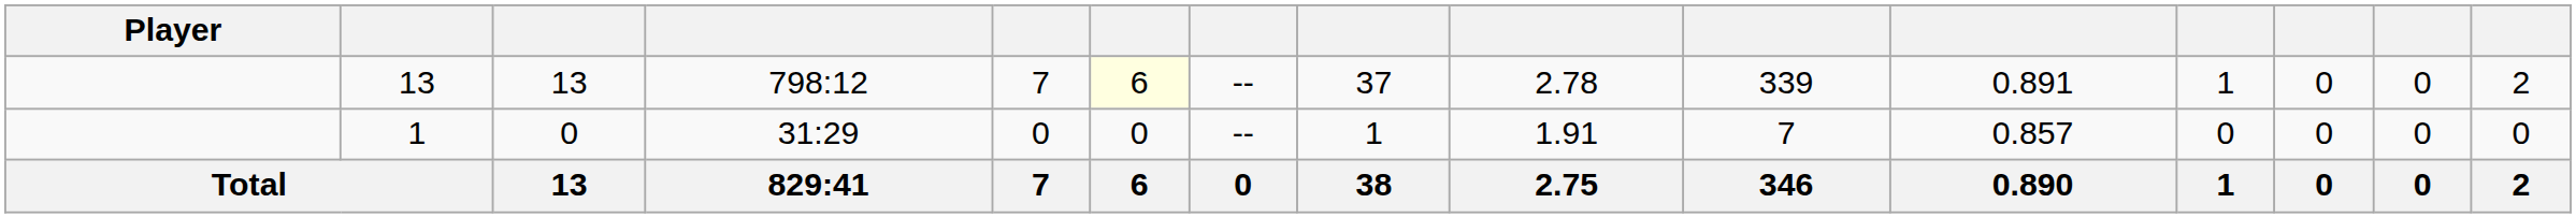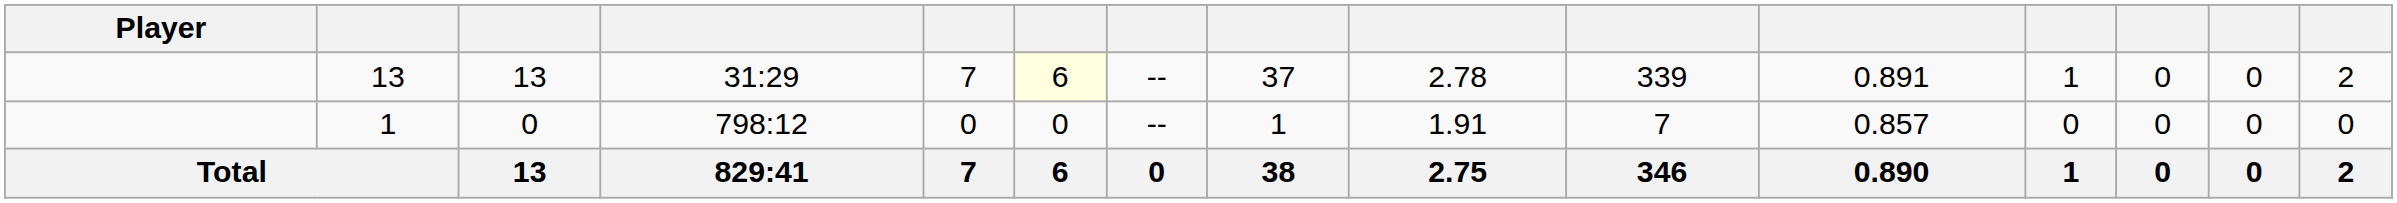 <table class="wikitable sortable" style="width:100%; text-align:center;">
 <tr>
 <th>Player</th>
 <th></th>
 <th></th>
 <th></th>
 <th></th>
 <th></th>
 <th></th>
 <th></th>
 <th></th>
 <th></th>
 <th></th>
 <th></th>
 <th></th>
 <th></th>
 <th></th>
 </tr>
 <tr>
 <td></td>
 <td>13</td>
 <td>13</td>
-<td>798:12</td>
+<td>31:29</td>
 <td>7</td>
 <td style="background: lightyellow;">6</td>
 <td>--</td>
 <td>37</td>
 <td>2.78</td>
 <td>339</td>
 <td>0.891</td>
 <td>1</td>
 <td>0</td>
 <td>0</td>
 <td>2</td>
 </tr>
 <tr>
 <td></td>
 <td>1</td>
 <td>0</td>
-<td>31:29</td>
+<td>798:12</td>
 <td>0</td>
 <td>0</td>
 <td>--</td>
 <td>1</td>
 <td>1.91</td>
 <td>7</td>
 <td>0.857</td>
 <td>0</td>
 <td>0</td>
 <td>0</td>
 <td>0</td>
 </tr>
 <tr class="sortbottom">
 <th colspan=2>Total</th>
 <th>13</th>
 <th>829:41</th>
 <th>7</th>
 <th>6</th>
 <th>0</th>
 <th>38</th>
 <th>2.75</th>
 <th>346</th>
 <th>0.890</th>
 <th>1</th>
 <th>0</th>
 <th>0</th>
 <th>2</th>
 </tr>
 </table>
